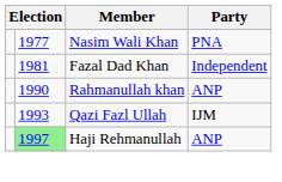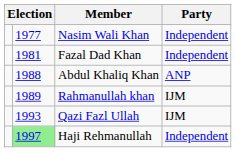 <table class="wikitable">
 <tr>
 <th colspan="2">Election</th>
 <th>Member</th>
 <th>Party</th>
 </tr>
 <tr>
 <td style="background-color: "></td>
 <td><a href='#'>1977</a></td>
 <td><a href='#'>Nasim Wali Khan</a></td>
-<td><a href='#'>PNA</a></td>
+<td><a href='#'>Independent</a></td>
 </tr>
 <tr>
 <td style="background-color: "></td>
 <td><a href='#'>1981</a></td>
 <td>Fazal Dad Khan</td>
 <td><a href='#'>Independent</a></td>
 </tr>
 <tr>
 <td style="background-color: "></td>
-<td><a href='#'>1990</a></td>
+<td><a href='#'>1988</a></td>
+<td>Abdul Khaliq Khan</td>
+<td><a href='#'>ANP</a></td>
+</tr>
+<tr>
+<td style="background-color: "></td>
+<td><a href='#'>1989</a></td>
 <td><a href='#'>Rahmanullah khan</a></td>
-<td><a href='#'>ANP</a></td>
+<td>IJM</td>
 </tr>
 <tr>
 <td style="background-color: "></td>
 <td><a href='#'>1993</a></td>
 <td><a href='#'>Qazi Fazl Ullah</a></td>
 <td>IJM</td>
 </tr>
 <tr>
 <td style="background-color: "></td>
 <td style="background: lightgreen;"><a href='#'>1997</a></td>
 <td>Haji Rehmanullah</td>
-<td><a href='#'>ANP</a></td>
+<td><a href='#'>Independent</a></td>
 </tr>
 </table>
